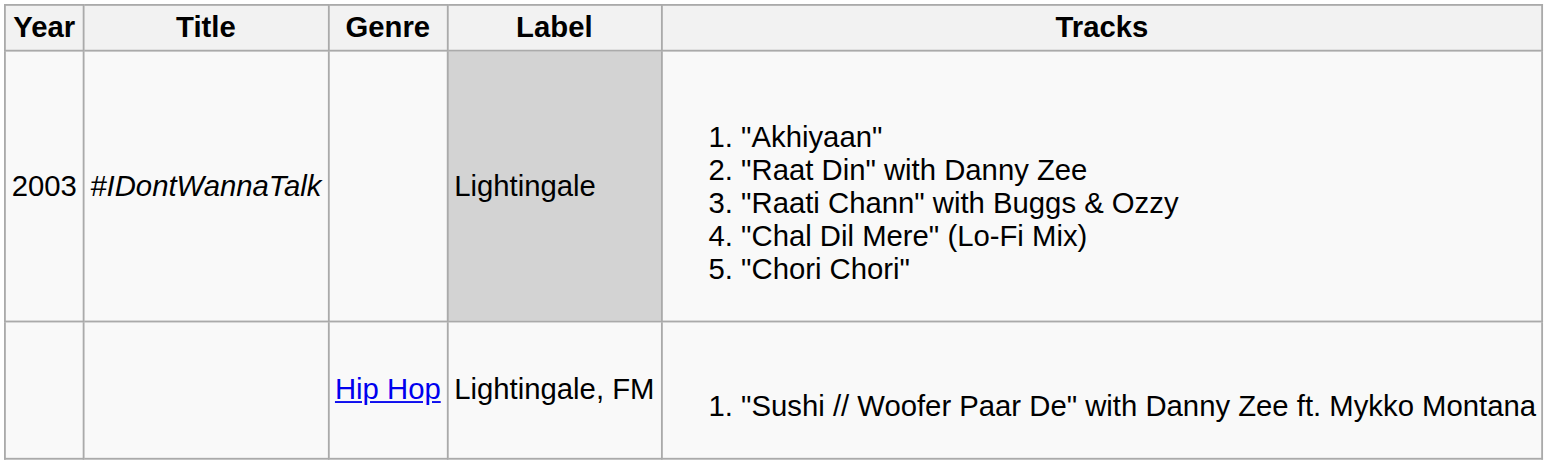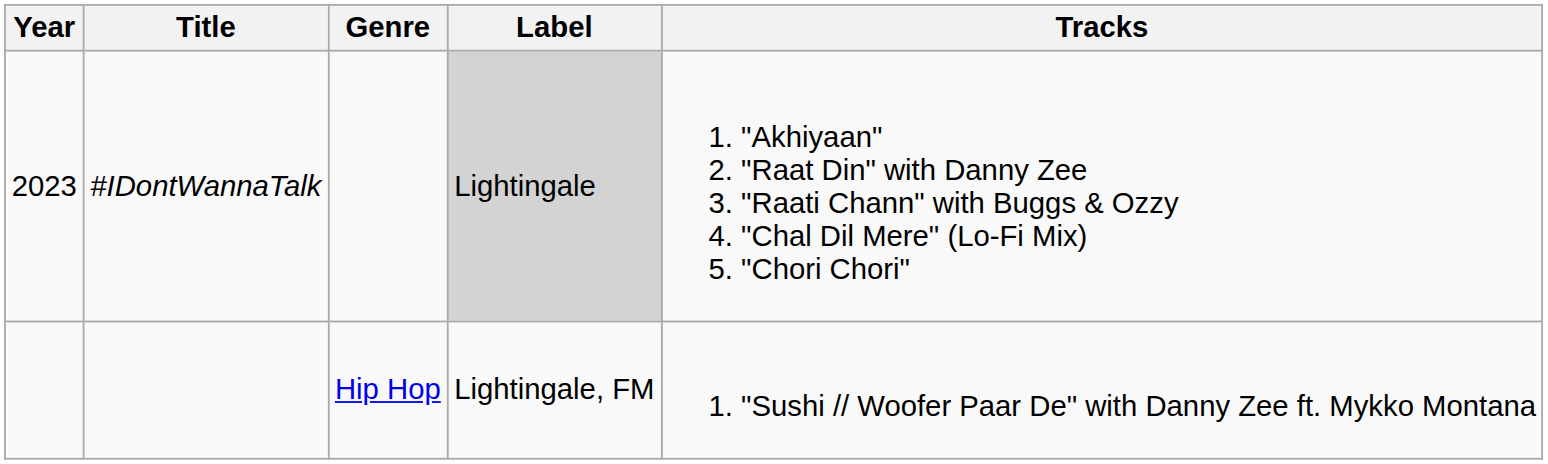 <table class="wikitable">
 <tr>
 <th>Year</th>
 <th>Title</th>
 <th>Genre</th>
 <th>Label</th>
 <th>Tracks</th>
 </tr>
 <tr>
-<td>2003</td>
+<td>2023</td>
 <td><em>#IDontWannaTalk</em></td>
 <td></td>
 <td style="background: lightgrey;">Lightingale</td>
 <td><br><ol><li>"Akhiyaan"</li><li>"Raat Din" with Danny Zee</li><li>"Raati Chann" with Buggs & Ozzy</li><li>"Chal Dil Mere" (Lo-Fi Mix)</li><li>"Chori Chori"</li></ol></td>
 </tr>
 <tr>
 <td></td>
 <td> </td>
 <td><a href='#'>Hip Hop</a></td>
 <td>Lightingale, FM</td>
 <td><br><ol><li>"Sushi // Woofer Paar De" with Danny Zee ft. Mykko Montana</li></ol></td>
 </tr>
 </table>
